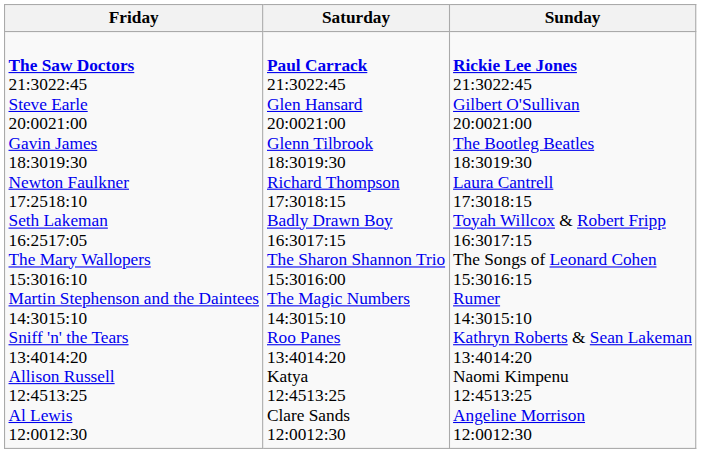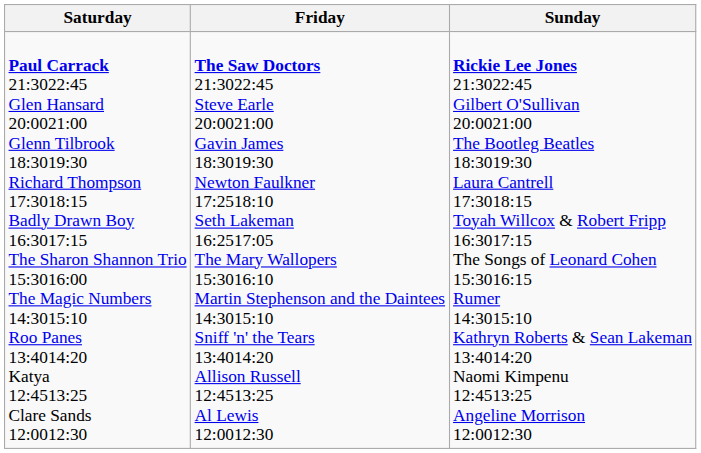 <table class="wikitable">
 <tr>
+<th>Saturday</th>
 <th>Friday</th>
-<th>Saturday</th>
 <th>Sunday</th>
 </tr>
 <tr valign="top">
+<td><br><strong><a href='#'>Paul Carrack</a></strong> <br>21:3022:45 <br><a href='#'>Glen Hansard</a> <br>20:0021:00 <br><a href='#'>Glenn Tilbrook</a> <br>18:3019:30 <br><a href='#'>Richard Thompson</a> <br>17:3018:15 <br><a href='#'>Badly Drawn Boy</a> <br>16:3017:15 <br><a href='#'>The Sharon Shannon Trio</a> <br>15:3016:00 <br><a href='#'>The Magic Numbers</a> <br>14:3015:10 <br><a href='#'>Roo Panes</a> <br>13:4014:20 <br>Katya <br>12:4513:25 <br>Clare Sands <br>12:0012:30</td>
 <td><br><strong><a href='#'>The Saw Doctors</a></strong> <br>21:3022:45 <br><a href='#'>Steve Earle</a> <br>20:0021:00 <br><a href='#'>Gavin James</a> <br>18:3019:30 <br><a href='#'>Newton Faulkner</a> <br>17:2518:10 <br><a href='#'>Seth Lakeman</a> <br>16:2517:05 <br><a href='#'>The Mary Wallopers</a> <br>15:3016:10 <br><a href='#'>Martin Stephenson and the Daintees</a> <br>14:3015:10 <br><a href='#'>Sniff 'n' the Tears</a> <br>13:4014:20 <br><a href='#'>Allison Russell</a> <br>12:4513:25 <br><a href='#'>Al Lewis</a> <br>12:0012:30</td>
-<td><br><strong><a href='#'>Paul Carrack</a></strong> <br>21:3022:45 <br><a href='#'>Glen Hansard</a> <br>20:0021:00 <br><a href='#'>Glenn Tilbrook</a> <br>18:3019:30 <br><a href='#'>Richard Thompson</a> <br>17:3018:15 <br><a href='#'>Badly Drawn Boy</a> <br>16:3017:15 <br><a href='#'>The Sharon Shannon Trio</a> <br>15:3016:00 <br><a href='#'>The Magic Numbers</a> <br>14:3015:10 <br><a href='#'>Roo Panes</a> <br>13:4014:20 <br>Katya <br>12:4513:25 <br>Clare Sands <br>12:0012:30</td>
 <td><br><strong><a href='#'>Rickie Lee Jones</a></strong> <br>21:3022:45 <br><a href='#'>Gilbert O'Sullivan</a> <br>20:0021:00 <br><a href='#'>The Bootleg Beatles</a> <br>18:3019:30 <br><a href='#'>Laura Cantrell</a> <br>17:3018:15 <br><a href='#'>Toyah Willcox</a> & <a href='#'>Robert Fripp</a> <br>16:3017:15 <br>The Songs of <a href='#'>Leonard Cohen</a> <br>15:3016:15 <br><a href='#'>Rumer</a> <br>14:3015:10 <br><a href='#'>Kathryn Roberts</a> & <a href='#'>Sean Lakeman</a> <br>13:4014:20 <br>Naomi Kimpenu <br>12:4513:25 <br><a href='#'>Angeline Morrison</a> <br>12:0012:30</td>
 </tr>
 </table>
